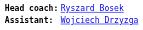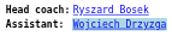 <table>
 <tr>
 <td><strong>Head coach:</strong></td>
 <td><a href='#'>Ryszard Bosek</a></td>
 </tr>
 <tr>
 <td><strong>Assistant:</strong></td>
-<td><a href='#'>Wojciech Drzyzga</a></td>
+<td style="background: lightblue;"><a href='#'>Wojciech Drzyzga</a></td>
 </tr>
 </table>
